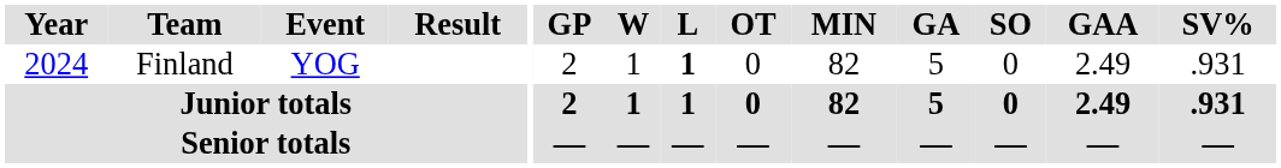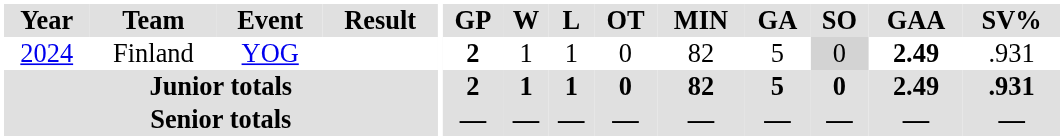 <table border="0" cellpadding="1" cellspacing="0" ID="Table3" style="text-align:center; width:40em;">
 <tr bgcolor="#e0e0e0">
 <th>Year</th>
 <th>Team</th>
 <th>Event</th>
 <th>Result</th>
 <th rowspan="99" bgcolor="#ffffff"></th>
 <th>GP</th>
 <th>W</th>
 <th>L</th>
 <th>OT</th>
 <th>MIN</th>
 <th>GA</th>
 <th>SO</th>
 <th>GAA</th>
 <th>SV%</th>
 </tr>
 <tr>
 <td><a href='#'>2024</a></td>
 <td>Finland</td>
 <td><a href='#'>YOG</a></td>
 <td></td>
-<td>2</td>
+<td><strong>2</strong></td>
 <td>1</td>
-<td><strong>1</strong></td>
+<td>1</td>
 <td>0</td>
 <td>82</td>
 <td>5</td>
-<td>0</td>
-<td>2.49</td>
+<td style="background: lightgrey;">0</td>
+<td><strong>2.49</strong></td>
 <td>.931</td>
 </tr>
 <tr bgcolor="#e0e0e0">
 <th colspan="4">Junior totals</th>
 <th>2</th>
 <th>1</th>
 <th>1</th>
 <th>0</th>
 <th>82</th>
 <th>5</th>
 <th>0</th>
 <th>2.49</th>
 <th>.931</th>
 </tr>
 <tr bgcolor="#e0e0e0">
 <th colspan="4">Senior totals</th>
 <th>—</th>
 <th>—</th>
 <th>—</th>
 <th>—</th>
 <th>—</th>
 <th>—</th>
 <th>—</th>
 <th>—</th>
 <th>—</th>
 </tr>
 </table>
